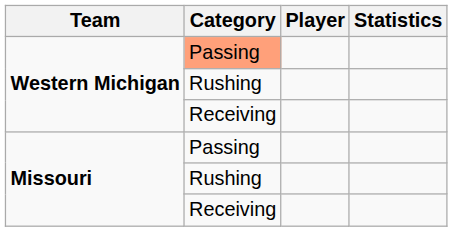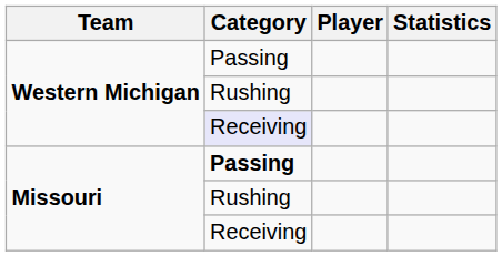 <table class="wikitable" style="float: right;">
 <tr>
 <th>Team</th>
 <th>Category</th>
 <th>Player</th>
 <th>Statistics</th>
 </tr>
 <tr>
 <td rowspan=3><strong>Western Michigan</strong></td>
-<td style="background: lightsalmon;">Passing</td>
+<td>Passing</td>
 <td></td>
 <td></td>
 </tr>
 <tr>
 <td>Rushing</td>
 <td></td>
 <td></td>
 </tr>
 <tr>
-<td>Receiving</td>
+<td style="background: lavender;">Receiving</td>
 <td></td>
 <td></td>
 </tr>
 <tr>
 <td rowspan=3><strong>Missouri</strong></td>
-<td>Passing</td>
+<td><strong>Passing</strong></td>
 <td></td>
 <td></td>
 </tr>
 <tr>
 <td>Rushing</td>
 <td></td>
 <td></td>
 </tr>
 <tr>
 <td>Receiving</td>
 <td></td>
 <td></td>
 </tr>
 </table>
